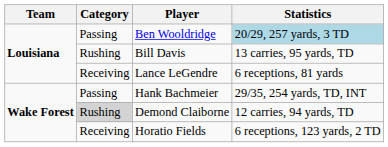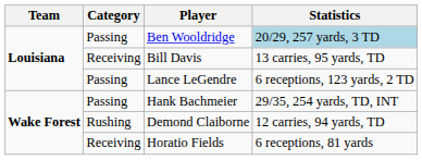 <table class="wikitable" style="float: right;">
 <tr>
 <th>Team</th>
 <th>Category</th>
 <th>Player</th>
 <th>Statistics</th>
 </tr>
 <tr>
 <td rowspan=3><strong>Louisiana</strong></td>
 <td>Passing</td>
 <td><a href='#'>Ben Wooldridge</a></td>
 <td style="background: lightblue;">20/29, 257 yards, 3 TD</td>
 </tr>
 <tr>
-<td>Rushing</td>
+<td>Receiving</td>
 <td>Bill Davis</td>
 <td>13 carries, 95 yards, TD</td>
 </tr>
 <tr>
-<td>Receiving</td>
+<td>Passing</td>
 <td>Lance LeGendre</td>
-<td>6 receptions, 81 yards</td>
+<td>6 receptions, 123 yards, 2 TD</td>
 </tr>
 <tr>
 <td rowspan=3><strong>Wake Forest</strong></td>
 <td>Passing</td>
 <td>Hank Bachmeier</td>
 <td>29/35, 254 yards, TD, INT</td>
 </tr>
 <tr>
-<td style="background: lightgrey;">Rushing</td>
+<td>Rushing</td>
 <td>Demond Claiborne</td>
 <td>12 carries, 94 yards, TD</td>
 </tr>
 <tr>
 <td>Receiving</td>
 <td>Horatio Fields</td>
-<td>6 receptions, 123 yards, 2 TD</td>
+<td>6 receptions, 81 yards</td>
 </tr>
 </table>
